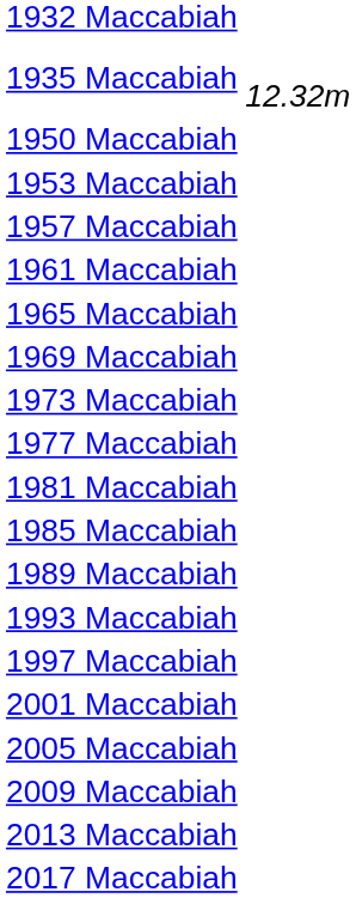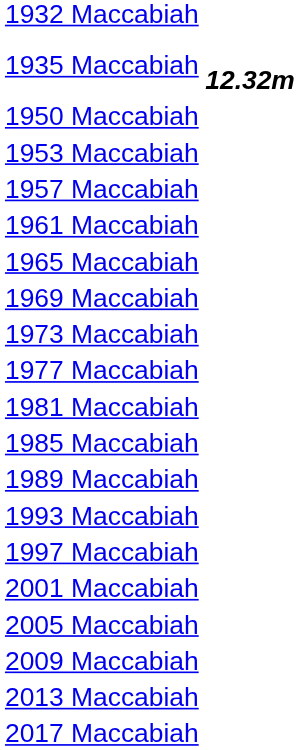 <table>
 <tr valign="top">
 <td><a href='#'>1932 Maccabiah</a></td>
 <td></td>
 <td></td>
 <td></td>
 </tr>
 <tr>
 <td><a href='#'>1935 Maccabiah</a></td>
-<td><br><em>12.32m</em></td>
+<td><strong><br><em>12.32m</em></strong></td>
 <td></td>
 <td></td>
 </tr>
 <tr>
 <td><a href='#'>1950 Maccabiah</a></td>
 <td></td>
 <td></td>
 <td></td>
 </tr>
 <tr>
 <td><a href='#'>1953 Maccabiah</a></td>
 <td></td>
 <td></td>
 <td></td>
 </tr>
 <tr>
 <td><a href='#'>1957 Maccabiah</a></td>
 <td></td>
 <td></td>
 <td></td>
 </tr>
 <tr>
 <td><a href='#'>1961 Maccabiah</a></td>
 <td></td>
 <td></td>
 <td></td>
 </tr>
 <tr>
 <td><a href='#'>1965 Maccabiah</a></td>
 <td></td>
 <td></td>
 <td></td>
 </tr>
 <tr>
 <td><a href='#'>1969 Maccabiah</a></td>
 <td></td>
 <td></td>
 <td></td>
 </tr>
 <tr>
 <td><a href='#'>1973 Maccabiah</a></td>
 <td></td>
 <td></td>
 <td></td>
 </tr>
 <tr>
 <td><a href='#'>1977 Maccabiah</a></td>
 <td></td>
 <td></td>
 <td></td>
 </tr>
 <tr>
 <td><a href='#'>1981 Maccabiah</a></td>
 <td></td>
 <td></td>
 <td></td>
 </tr>
 <tr>
 <td><a href='#'>1985 Maccabiah</a></td>
 <td></td>
 <td></td>
 <td></td>
 </tr>
 <tr>
 <td><a href='#'>1989 Maccabiah</a></td>
 <td></td>
 <td></td>
 <td></td>
 </tr>
 <tr>
 <td><a href='#'>1993 Maccabiah</a></td>
 <td></td>
 <td></td>
 <td></td>
 </tr>
 <tr>
 <td><a href='#'>1997 Maccabiah</a></td>
 <td></td>
 <td></td>
 <td></td>
 </tr>
 <tr>
 <td><a href='#'>2001 Maccabiah</a></td>
 <td></td>
 <td></td>
 <td></td>
 </tr>
 <tr>
 <td><a href='#'>2005 Maccabiah</a></td>
 <td></td>
 <td></td>
 <td></td>
 </tr>
 <tr>
 <td><a href='#'>2009 Maccabiah</a></td>
 <td></td>
 <td></td>
 <td></td>
 </tr>
 <tr>
 <td><a href='#'>2013 Maccabiah</a></td>
 <td></td>
 <td></td>
 <td></td>
 </tr>
 <tr>
 <td><a href='#'>2017 Maccabiah</a></td>
 <td></td>
 <td></td>
 <td></td>
 </tr>
 </table>
